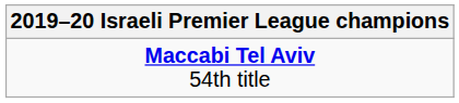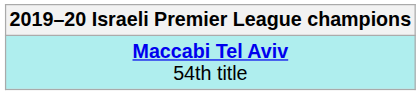 <table class=wikitable style="text-align:center; margin:auto">
 <tr>
 <th>2019–20 Israeli Premier League champions</th>
 </tr>
 <tr>
-<td><strong><a href='#'>Maccabi Tel Aviv</a></strong><br>54th title</td>
+<td style="background: paleturquoise;"><strong><a href='#'>Maccabi Tel Aviv</a></strong><br>54th title</td>
 </tr>
 </table>
